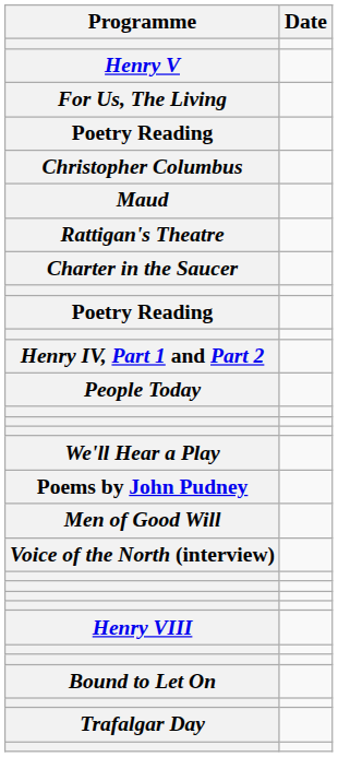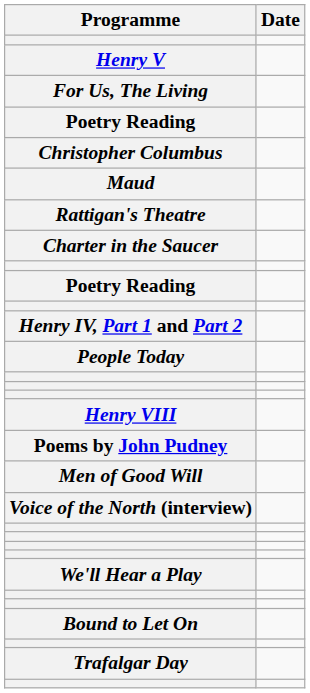 <table class="wikitable plainrowheaders sortable" style="margin-right: 0;">
 <tr>
 <th scope="col">Programme</th>
 <th scope="col">Date</th>
 </tr>
 <tr>
 <th scope="row"></th>
 <td></td>
 </tr>
 <tr>
 <th scope="row"><em><a href='#'>Henry V</a></em></th>
 <td></td>
 </tr>
 <tr>
 <th scope="row"><em>For Us, The Living</em></th>
 <td></td>
 </tr>
 <tr>
 <th scope="row">Poetry Reading</th>
 <td></td>
 </tr>
 <tr>
 <th scope="row"><em>Christopher Columbus</em></th>
 <td></td>
 </tr>
 <tr>
 <th scope="row"><em>Maud</em></th>
 <td></td>
 </tr>
 <tr>
 <th scope="row"><em>Rattigan's Theatre</em></th>
 <td></td>
 </tr>
 <tr>
 <th scope="row"><em>Charter in the Saucer</em></th>
 <td></td>
 </tr>
 <tr>
 <th scope="row"></th>
 <td></td>
 </tr>
 <tr>
 <th scope="row">Poetry Reading</th>
 <td></td>
 </tr>
 <tr>
 <th scope="row"></th>
 <td></td>
 </tr>
 <tr>
 <th scope="row"><em>Henry IV, <a href='#'>Part 1</a></em> and <em><a href='#'>Part 2</a></em></th>
 <td></td>
 </tr>
 <tr>
 <th scope="row"><em>People Today</em></th>
 <td></td>
 </tr>
 <tr>
 <th scope="row"></th>
 <td></td>
 </tr>
 <tr>
 <th scope="row"></th>
 <td></td>
 </tr>
 <tr>
 <th scope="row"></th>
 <td></td>
 </tr>
 <tr>
-<th scope="row"><em>We'll Hear a Play</em></th>
+<th scope="row"><em><a href='#'>Henry VIII</a></em></th>
 <td></td>
 </tr>
 <tr>
 <th scope="row">Poems by <a href='#'>John Pudney</a></th>
 <td></td>
 </tr>
 <tr>
 <th scope="row"><em>Men of Good Will</em></th>
 <td></td>
 </tr>
 <tr>
 <th scope="row"><em>Voice of the North</em> (interview)</th>
 <td></td>
 </tr>
 <tr>
 <th scope="row"></th>
 <td></td>
 </tr>
 <tr>
 <th scope="row"></th>
 <td></td>
 </tr>
 <tr>
 <th scope="row"></th>
 <td></td>
 </tr>
 <tr>
 <th scope="row"></th>
 <td></td>
 </tr>
 <tr>
-<th scope="row"><em><a href='#'>Henry VIII</a></em></th>
+<th scope="row"><em>We'll Hear a Play</em></th>
 <td></td>
 </tr>
 <tr>
 <th scope="row"></th>
 <td></td>
 </tr>
 <tr>
 <th scope="row"></th>
 <td></td>
 </tr>
 <tr>
 <th scope="row"><em>Bound to Let On</em></th>
 <td></td>
 </tr>
 <tr>
 <th scope="row"></th>
 <td></td>
 </tr>
 <tr>
 <th scope="row"><em>Trafalgar Day</em></th>
 <td></td>
 </tr>
 <tr>
 <th scope="row"></th>
 <td></td>
 </tr>
 </table>
